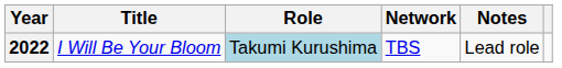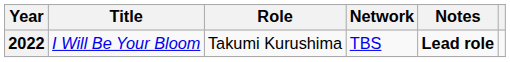 <table class="wikitable plainrowheaders sortable">
 <tr>
 <th scope="col">Year</th>
 <th scope="col">Title</th>
 <th scope="col">Role</th>
 <th scope="col">Network</th>
 <th scope="col">Notes</th>
 <th scope="col" class="unsortable"></th>
 </tr>
 <tr>
 <th scope="row">2022</th>
 <td><em><a href='#'>I Will Be Your Bloom</a></em></td>
-<td style="background: lightblue;">Takumi Kurushima</td>
+<td>Takumi Kurushima</td>
 <td><a href='#'>TBS</a></td>
-<td>Lead role</td>
+<td><strong>Lead role</strong></td>
 <td style="text-align:center"></td>
 </tr>
 <tr>
 </tr>
 </table>
